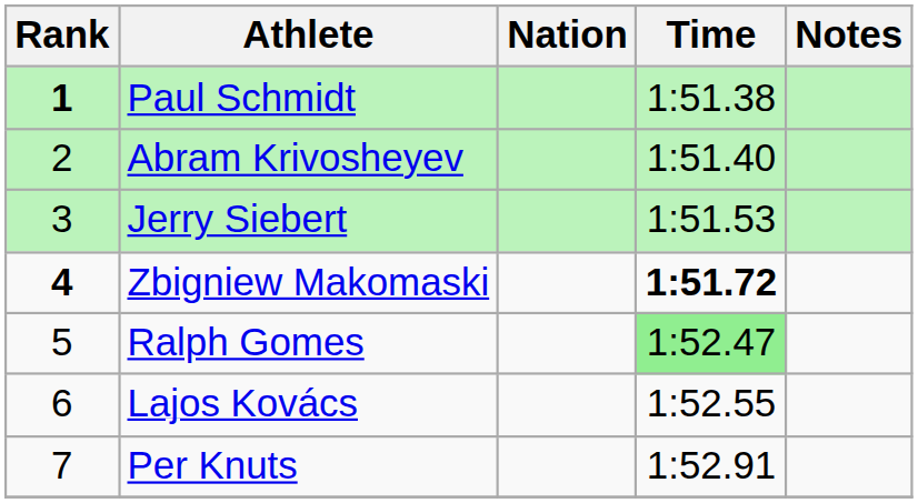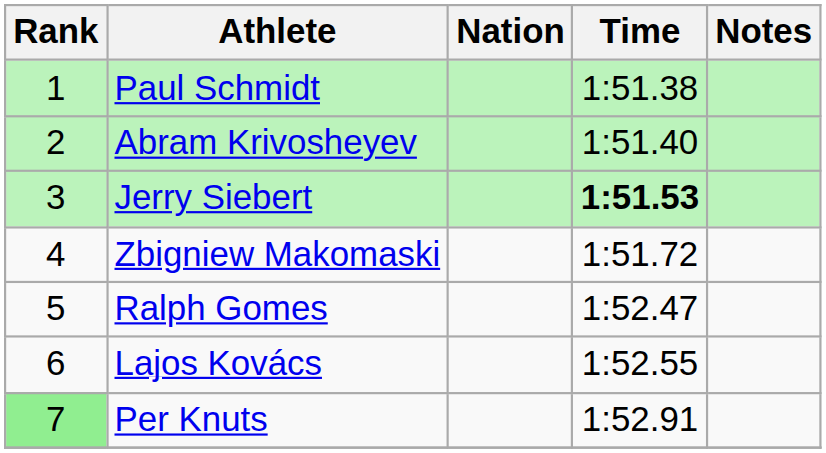 <table class="wikitable sortable" style="text-align:center">
 <tr>
 <th>Rank</th>
 <th>Athlete</th>
 <th>Nation</th>
 <th>Time</th>
 <th>Notes</th>
 </tr>
 <tr bgcolor=bbf3bb>
-<td><strong>1</strong></td>
+<td>1</td>
 <td align=left><a href='#'>Paul Schmidt</a></td>
 <td align=left></td>
 <td>1:51.38</td>
 <td></td>
 </tr>
 <tr bgcolor=bbf3bb>
 <td>2</td>
 <td align=left><a href='#'>Abram Krivosheyev</a></td>
 <td align=left></td>
 <td>1:51.40</td>
 <td></td>
 </tr>
 <tr bgcolor=bbf3bb>
 <td>3</td>
 <td align=left><a href='#'>Jerry Siebert</a></td>
 <td align=left></td>
-<td>1:51.53</td>
+<td><strong>1:51.53</strong></td>
 <td></td>
 </tr>
 <tr>
-<td><strong>4</strong></td>
+<td>4</td>
 <td align=left><a href='#'>Zbigniew Makomaski</a></td>
 <td align=left></td>
-<td><strong>1:51.72</strong></td>
+<td>1:51.72</td>
 <td></td>
 </tr>
 <tr>
 <td>5</td>
 <td align=left><a href='#'>Ralph Gomes</a></td>
 <td align=left></td>
-<td style="background: lightgreen;">1:52.47</td>
+<td>1:52.47</td>
 <td></td>
 </tr>
 <tr>
 <td>6</td>
 <td align=left><a href='#'>Lajos Kovács</a></td>
 <td align=left></td>
 <td>1:52.55</td>
 <td></td>
 </tr>
 <tr>
-<td>7</td>
+<td style="background: lightgreen;">7</td>
 <td align=left><a href='#'>Per Knuts</a></td>
 <td align=left></td>
 <td>1:52.91</td>
 <td></td>
 </tr>
 <tr>
 </tr>
 </table>
